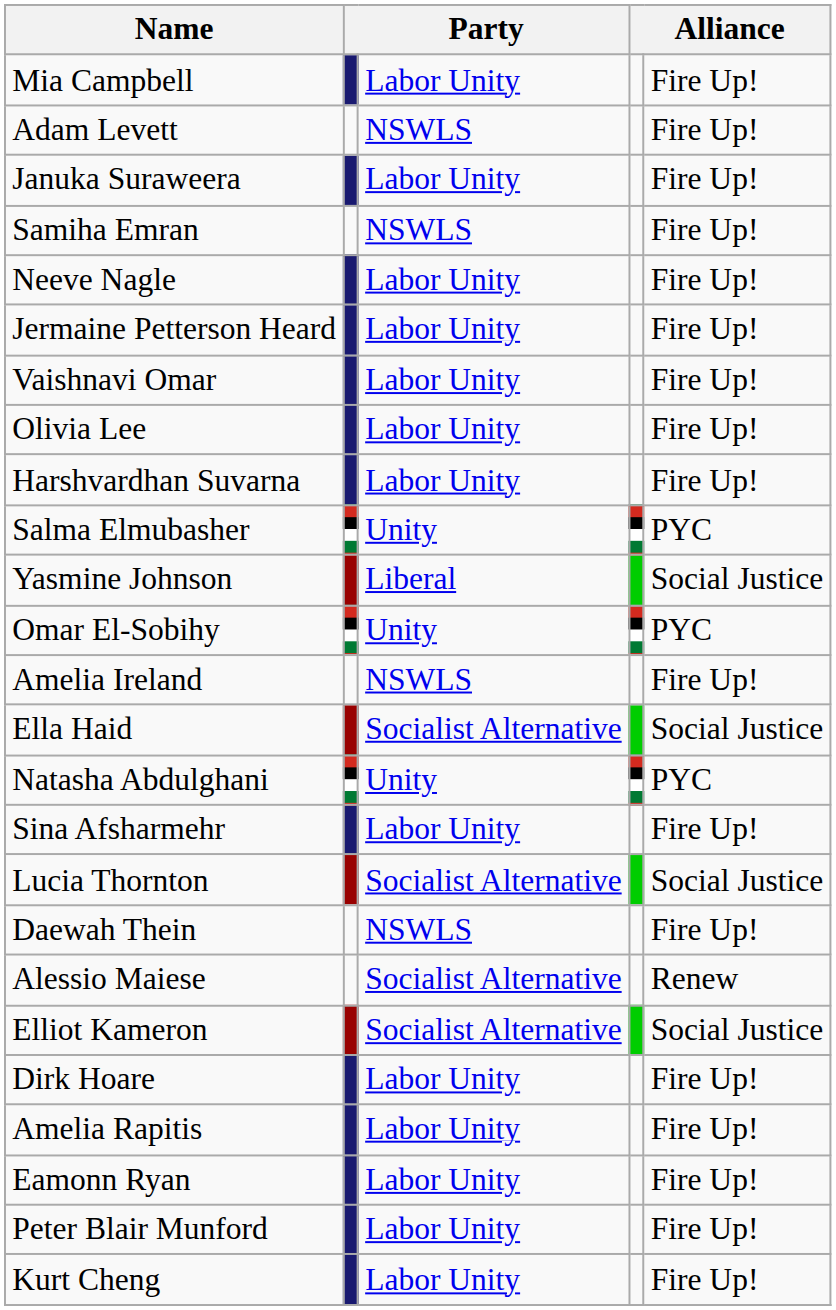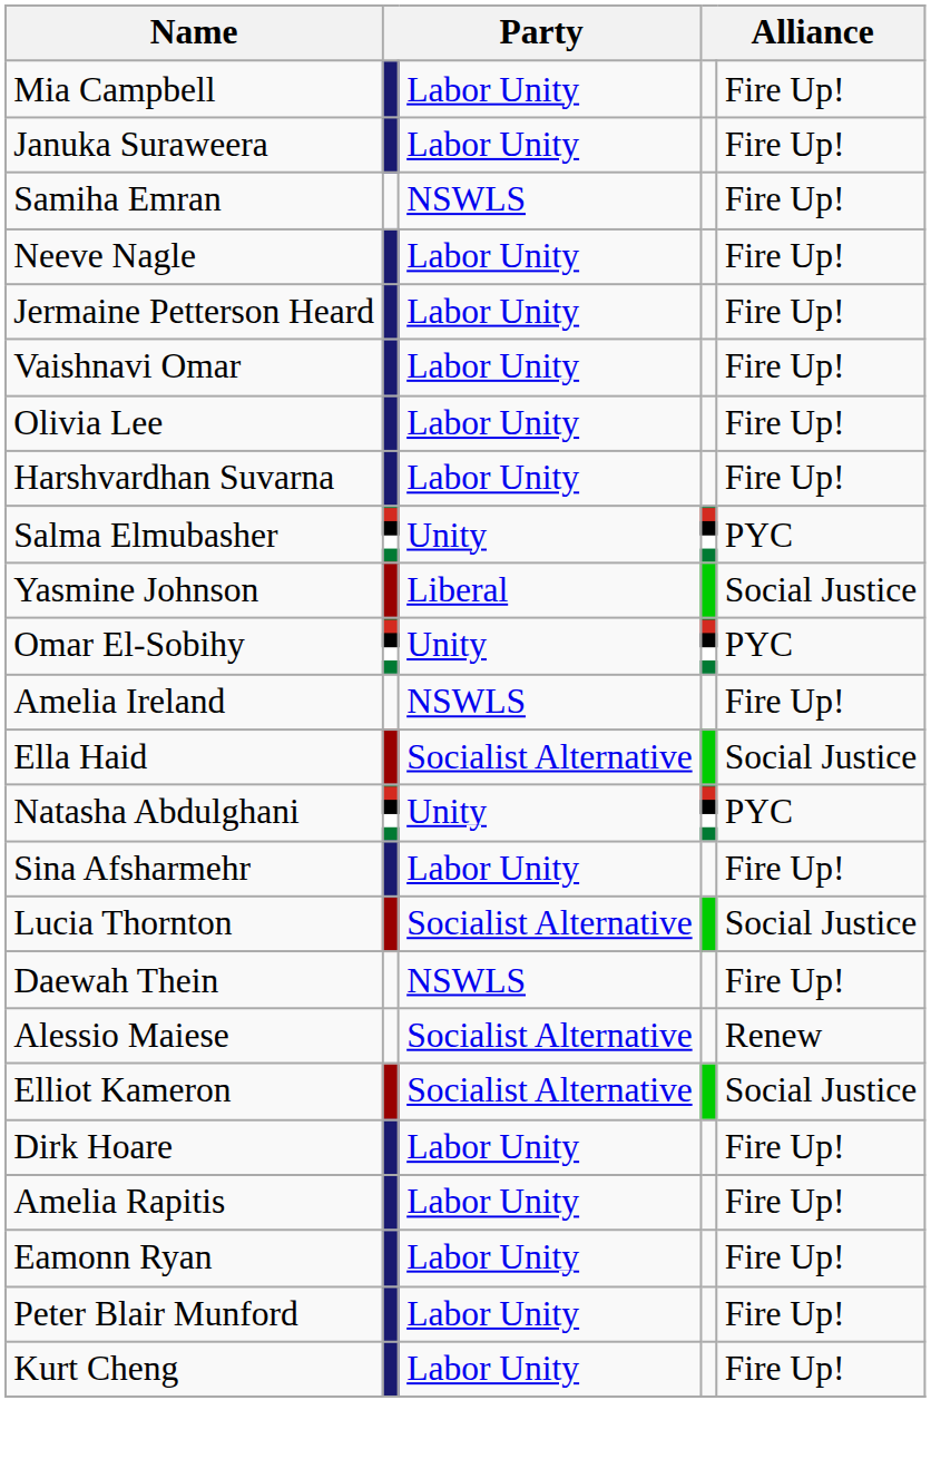 <table class="sortable wikitable">
 <tr>
 <th>Name</th>
 <th colspan="2">Party</th>
 <th colspan="2">Alliance</th>
 </tr>
 <tr>
 <td>Mia Campbell</td>
 <td style="background: #191970"></td>
 <td><a href='#'>Labor Unity</a></td>
 <td style="background-color: "></td>
-<td>Fire Up!</td>
-</tr>
-<tr>
-<td>Adam Levett</td>
-<td style="background: "></td>
-<td><a href='#'>NSWLS</a></td>
-<td style="background: "></td>
 <td>Fire Up!</td>
 </tr>
 <tr>
 <td>Januka Suraweera</td>
 <td style="background: #191970"></td>
 <td><a href='#'>Labor Unity</a></td>
 <td style="background-color: "></td>
 <td>Fire Up!</td>
 </tr>
 <tr>
 <td>Samiha Emran</td>
 <td style="background: "></td>
 <td><a href='#'>NSWLS</a></td>
 <td style="background: "></td>
 <td>Fire Up!</td>
 </tr>
 <tr>
 <td>Neeve Nagle</td>
 <td style="background: #191970"></td>
 <td><a href='#'>Labor Unity</a></td>
 <td style="background-color: "></td>
 <td>Fire Up!</td>
 </tr>
 <tr>
 <td>Jermaine Petterson Heard</td>
 <td style="background: #191970"></td>
 <td><a href='#'>Labor Unity</a></td>
 <td style="background-color: "></td>
 <td>Fire Up!</td>
 </tr>
 <tr>
 <td>Vaishnavi Omar</td>
 <td style="background: #191970"></td>
 <td><a href='#'>Labor Unity</a></td>
 <td style="background-color: "></td>
 <td>Fire Up!</td>
 </tr>
 <tr>
 <td>Olivia Lee</td>
 <td style="background: #191970"></td>
 <td><a href='#'>Labor Unity</a></td>
 <td style="background-color: "></td>
 <td>Fire Up!</td>
 </tr>
 <tr>
 <td>Harshvardhan Suvarna</td>
 <td style="background: #191970"></td>
 <td><a href='#'>Labor Unity</a></td>
 <td style="background-color: "></td>
 <td>Fire Up!</td>
 </tr>
 <tr>
 <td>Salma Elmubasher</td>
 <td style="background: linear-gradient(to bottom, #D42A1F 25%, #000000 25%, #000000 50%, #FFFFFF 50%, #FFFFFF 75%, #007A33 75%);"></td>
 <td><a href='#'>Unity</a></td>
 <td style="background: linear-gradient(to bottom, #D42A1F 25%, #000000 25%, #000000 50%, #FFFFFF 50%, #FFFFFF 75%, #007A33 75%);"></td>
 <td>PYC</td>
 </tr>
 <tr>
 <td>Yasmine Johnson</td>
 <td style="background: #990000"></td>
 <td><a href='#'>Liberal</a></td>
 <td style="background-color: #00CD00"></td>
 <td>Social Justice</td>
 </tr>
 <tr>
 <td>Omar El-Sobihy</td>
 <td style="background: linear-gradient(to bottom, #D42A1F 25%, #000000 25%, #000000 50%, #FFFFFF 50%, #FFFFFF 75%, #007A33 75%);"></td>
 <td><a href='#'>Unity</a></td>
 <td style="background: linear-gradient(to bottom, #D42A1F 25%, #000000 25%, #000000 50%, #FFFFFF 50%, #FFFFFF 75%, #007A33 75%);"></td>
 <td>PYC</td>
 </tr>
 <tr>
 <td>Amelia Ireland</td>
 <td style="background: "></td>
 <td><a href='#'>NSWLS</a></td>
 <td style="background: "></td>
 <td>Fire Up!</td>
 </tr>
 <tr>
 <td>Ella Haid</td>
 <td style="background: #990000"></td>
 <td><a href='#'>Socialist Alternative</a></td>
 <td style="background-color: #00CD00"></td>
 <td>Social Justice</td>
 </tr>
 <tr>
 <td>Natasha Abdulghani</td>
 <td style="background: linear-gradient(to bottom, #D42A1F 25%, #000000 25%, #000000 50%, #FFFFFF 50%, #FFFFFF 75%, #007A33 75%);"></td>
 <td><a href='#'>Unity</a></td>
 <td style="background: linear-gradient(to bottom, #D42A1F 25%, #000000 25%, #000000 50%, #FFFFFF 50%, #FFFFFF 75%, #007A33 75%);"></td>
 <td>PYC</td>
 </tr>
 <tr>
 <td>Sina Afsharmehr</td>
 <td style="background: #191970"></td>
 <td><a href='#'>Labor Unity</a></td>
 <td style="background-color: "></td>
 <td>Fire Up!</td>
 </tr>
 <tr>
 <td>Lucia Thornton</td>
 <td style="background: #990000"></td>
 <td><a href='#'>Socialist Alternative</a></td>
 <td style="background-color: #00CD00"></td>
 <td>Social Justice</td>
 </tr>
 <tr>
 <td>Daewah Thein</td>
 <td style="background: "></td>
 <td><a href='#'>NSWLS</a></td>
 <td style="background: "></td>
 <td>Fire Up!</td>
 </tr>
 <tr>
 <td>Alessio Maiese</td>
 <td style="background: "></td>
 <td><a href='#'>Socialist Alternative</a></td>
 <td style="background: "></td>
 <td>Renew</td>
 </tr>
 <tr>
 <td>Elliot Kameron</td>
 <td style="background: #990000"></td>
 <td><a href='#'>Socialist Alternative</a></td>
 <td style="background-color: #00CD00"></td>
 <td>Social Justice</td>
 </tr>
 <tr>
 <td>Dirk Hoare</td>
 <td style="background: #191970"></td>
 <td><a href='#'>Labor Unity</a></td>
 <td style="background-color: "></td>
 <td>Fire Up!</td>
 </tr>
 <tr>
 <td>Amelia Rapitis</td>
 <td style="background: #191970"></td>
 <td><a href='#'>Labor Unity</a></td>
 <td style="background-color: "></td>
 <td>Fire Up!</td>
 </tr>
 <tr>
 <td>Eamonn Ryan</td>
 <td style="background: #191970"></td>
 <td><a href='#'>Labor Unity</a></td>
 <td style="background-color: "></td>
 <td>Fire Up!</td>
 </tr>
 <tr>
 <td>Peter Blair Munford</td>
 <td style="background: #191970"></td>
 <td><a href='#'>Labor Unity</a></td>
 <td style="background-color: "></td>
 <td>Fire Up!</td>
 </tr>
 <tr>
 <td>Kurt Cheng</td>
 <td style="background: #191970"></td>
 <td><a href='#'>Labor Unity</a></td>
 <td style="background-color: "></td>
 <td>Fire Up!</td>
 </tr>
 <tr>
 </tr>
 </table>
